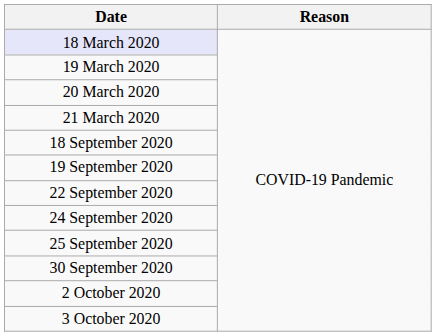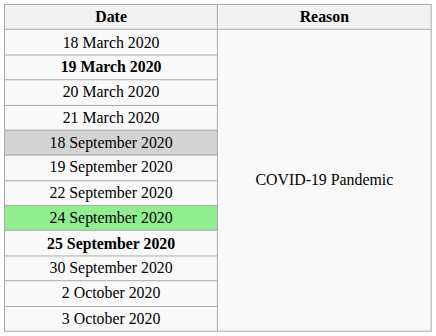 <table class="wikitable" style="text-align:center;">
 <tr>
 <th scope="col" style="width:13em;">Date</th>
 <th scope="col" style="width:13em;">Reason</th>
 </tr>
 <tr>
-<td style="background: lavender;">18 March 2020</td>
+<td>18 March 2020</td>
 <td rowspan="12">COVID-19 Pandemic</td>
 </tr>
 <tr>
-<td>19 March 2020</td>
+<td><strong>19 March 2020</strong></td>
 </tr>
 <tr>
 <td>20 March 2020</td>
 </tr>
 <tr>
 <td>21 March 2020</td>
 </tr>
 <tr>
-<td>18 September 2020</td>
+<td style="background: lightgrey;">18 September 2020</td>
 </tr>
 <tr>
 <td>19 September 2020</td>
 </tr>
 <tr>
 <td>22 September 2020</td>
 </tr>
 <tr>
-<td>24 September 2020</td>
+<td style="background: lightgreen;">24 September 2020</td>
 </tr>
 <tr>
-<td>25 September 2020</td>
+<td><strong>25 September 2020</strong></td>
 </tr>
 <tr>
 <td>30 September 2020</td>
 </tr>
 <tr>
 <td>2 October 2020</td>
 </tr>
 <tr>
 <td>3 October 2020</td>
 </tr>
 </table>
